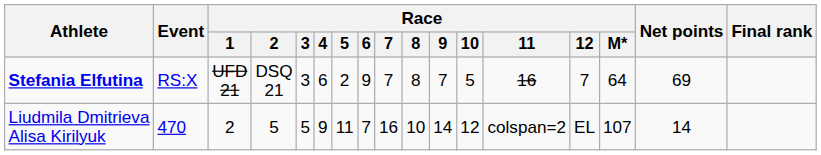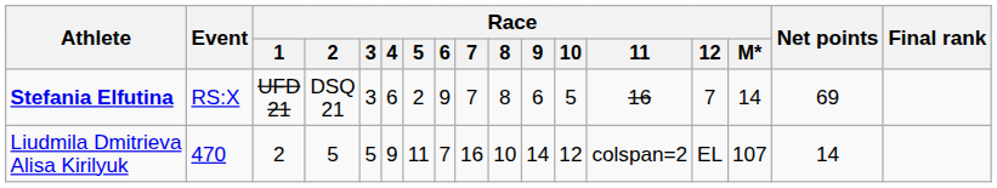 <table class="wikitable" style="font-size:90%">
 <tr>
 <th rowspan="2">Athlete</th>
 <th rowspan="2">Event</th>
 <th colspan=13>Race</th>
 <th rowspan=2>Net points</th>
 <th rowspan=2>Final rank</th>
 </tr>
 <tr style="font-size:95%">
 <th>1</th>
 <th>2</th>
 <th>3</th>
 <th>4</th>
 <th>5</th>
 <th>6</th>
 <th>7</th>
 <th>8</th>
 <th>9</th>
 <th>10</th>
 <th>11</th>
 <th>12</th>
 <th>M*</th>
 </tr>
 <tr align=center>
 <td align=left><strong><a href='#'>Stefania Elfutina</a></strong></td>
 <td align=left><a href='#'>RS:X</a></td>
 <td><s>UFD<br>21</s></td>
 <td>DSQ<br>21</td>
 <td>3</td>
 <td>6</td>
 <td>2</td>
 <td>9</td>
 <td>7</td>
 <td>8</td>
-<td>7</td>
+<td>6</td>
 <td>5</td>
 <td><s>16</s></td>
 <td>7</td>
-<td>64</td>
+<td>14</td>
 <td>69</td>
 <td></td>
 </tr>
 <tr align=center>
 <td align=left><a href='#'>Liudmila Dmitrieva</a><br><a href='#'>Alisa Kirilyuk</a></td>
 <td align=left><a href='#'>470</a></td>
 <td>2</td>
 <td>5</td>
 <td>5</td>
 <td>9</td>
 <td>11</td>
 <td>7</td>
 <td>16</td>
 <td>10</td>
 <td>14</td>
 <td>12</td>
 <td>colspan=2 </td>
 <td>EL</td>
 <td>107</td>
 <td>14</td>
 </tr>
 </table>
